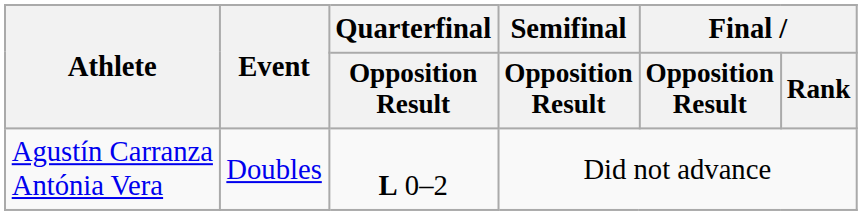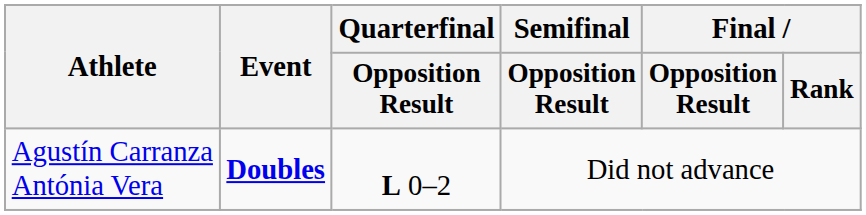 <table class=wikitable style=font-size:90%>
 <tr>
 <th rowspan=2>Athlete</th>
 <th rowspan=2>Event</th>
 <th>Quarterfinal</th>
 <th>Semifinal</th>
 <th colspan=2>Final / </th>
 </tr>
 <tr style=font-size:95%>
 <th>Opposition<br>Result</th>
 <th>Opposition<br>Result</th>
 <th>Opposition<br>Result</th>
 <th>Rank</th>
 </tr>
 <tr align=center>
 <td style="text-align:left"><a href='#'>Agustín Carranza</a><br><a href='#'>Antónia Vera</a></td>
-<td style="text-align:left"><a href='#'>Doubles</a></td>
+<td style="text-align:left"><strong><a href='#'>Doubles</a></strong></td>
 <td><br><strong>L</strong> 0–2</td>
 <td colspan="3">Did not advance</td>
 </tr>
 </table>
